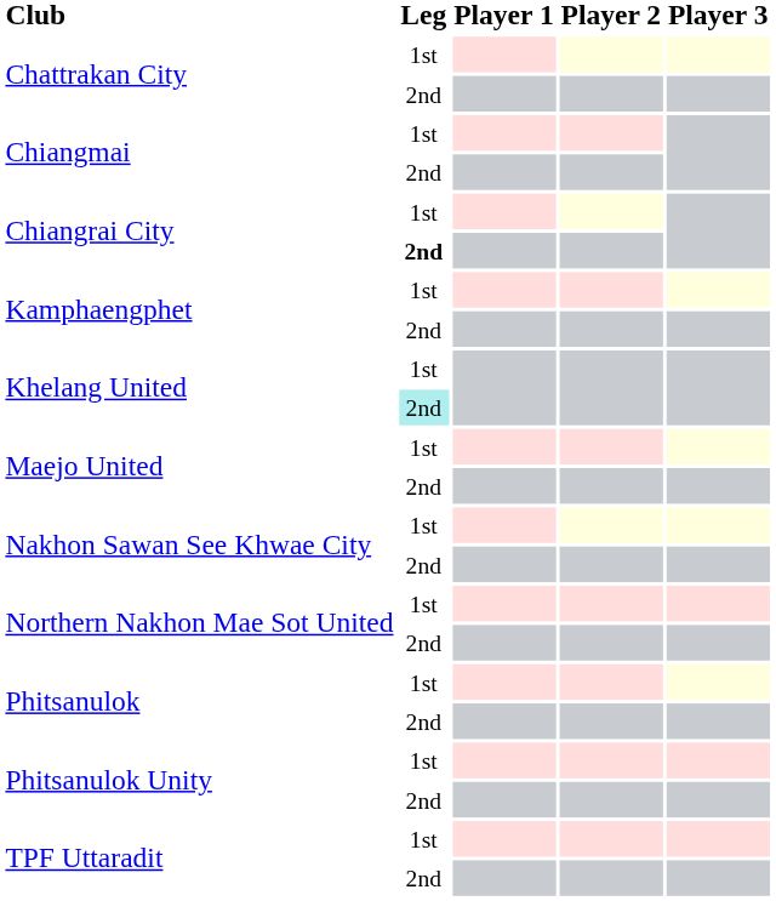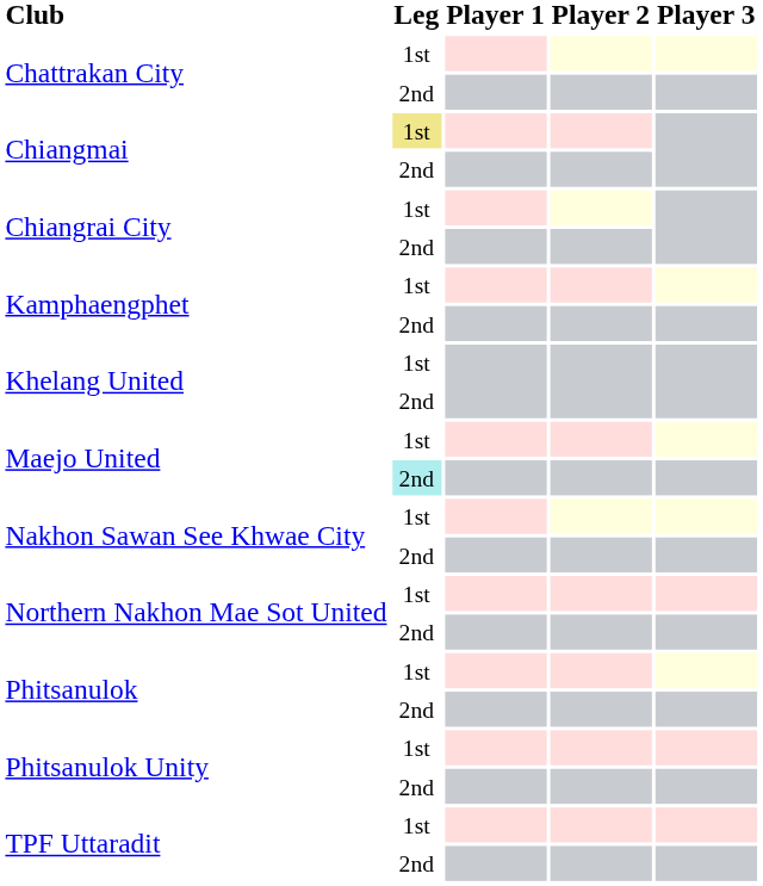 <table class="sortable" style="text-align:left">
 <tr>
 <th>Club</th>
 <th>Leg</th>
 <th>Player 1</th>
 <th>Player 2</th>
 <th>Player 3</th>
 </tr>
 <tr>
 <td rowspan="2"><a href='#'>Chattrakan City</a></td>
 <td align="center"><small>1st</small></td>
 <td bgcolor="#ffdddd"></td>
 <td bgcolor="#ffffdd"></td>
 <td bgcolor="#ffffdd"></td>
 </tr>
 <tr>
 <td align="center"><small>2nd</small></td>
 <td bgcolor="#c8ccd1"></td>
 <td bgcolor="#c8ccd1"></td>
 <td bgcolor="#c8ccd1"></td>
 </tr>
 <tr>
 <td rowspan="2"><a href='#'>Chiangmai</a></td>
-<td align="center"><small>1st</small></td>
+<td align="center" style="background: khaki;"><small>1st</small></td>
 <td bgcolor="#ffdddd"></td>
 <td bgcolor="#ffdddd"></td>
 <td bgcolor="#c8ccd1"rowspan="2"></td>
 </tr>
 <tr>
 <td align="center"><small>2nd</small></td>
 <td bgcolor="#c8ccd1"></td>
 <td bgcolor="#c8ccd1"></td>
 </tr>
 <tr>
 <td rowspan="2"><a href='#'>Chiangrai City</a></td>
 <td align="center"><small>1st</small></td>
 <td bgcolor="#ffdddd"></td>
 <td bgcolor="#ffffdd"></td>
 <td bgcolor="#c8ccd1"rowspan="2"></td>
 </tr>
 <tr>
-<td align="center"><strong><small>2nd</small></strong></td>
+<td align="center"><small>2nd</small></td>
 <td bgcolor="#c8ccd1"></td>
 <td bgcolor="#c8ccd1"></td>
 </tr>
 <tr>
 <td rowspan="2"><a href='#'>Kamphaengphet</a></td>
 <td align="center"><small>1st</small></td>
 <td bgcolor="#ffdddd"></td>
 <td bgcolor="#ffdddd"></td>
 <td bgcolor="#ffffdd"></td>
 </tr>
 <tr>
 <td align="center"><small>2nd</small></td>
 <td bgcolor="#c8ccd1"></td>
 <td bgcolor="#c8ccd1"></td>
 <td bgcolor="#c8ccd1"></td>
 </tr>
 <tr>
 <td rowspan="2"><a href='#'>Khelang United</a></td>
 <td align="center"><small>1st</small></td>
 <td bgcolor="#c8ccd1"rowspan="2"></td>
 <td bgcolor="#c8ccd1"rowspan="2"></td>
 <td bgcolor="#c8ccd1"rowspan="2"></td>
 </tr>
 <tr>
-<td align="center" style="background: paleturquoise;"><small>2nd</small></td>
+<td align="center"><small>2nd</small></td>
 </tr>
 <tr>
 <td rowspan="2"><a href='#'>Maejo United</a></td>
 <td align="center"><small>1st</small></td>
 <td bgcolor="#ffdddd"></td>
 <td bgcolor="#ffdddd"></td>
 <td bgcolor="#ffffdd"></td>
 </tr>
 <tr>
-<td align="center"><small>2nd</small></td>
+<td align="center" style="background: paleturquoise;"><small>2nd</small></td>
 <td bgcolor="#c8ccd1"></td>
 <td bgcolor="#c8ccd1"></td>
 <td bgcolor="#c8ccd1"></td>
 </tr>
 <tr>
 <td rowspan="2"><a href='#'>Nakhon Sawan See Khwae City</a></td>
 <td align="center"><small>1st</small></td>
 <td bgcolor="#ffdddd"></td>
 <td bgcolor="#ffffdd"></td>
 <td bgcolor="#ffffdd"></td>
 </tr>
 <tr>
 <td align="center"><small>2nd</small></td>
 <td bgcolor="#c8ccd1"></td>
 <td bgcolor="#c8ccd1"></td>
 <td bgcolor="#c8ccd1"></td>
 </tr>
 <tr>
 <td rowspan="2"><a href='#'>Northern Nakhon Mae Sot United</a></td>
 <td align="center"><small>1st</small></td>
 <td bgcolor="#ffdddd"></td>
 <td bgcolor="#ffdddd"></td>
 <td bgcolor="#ffdddd"></td>
 </tr>
 <tr>
 <td align="center"><small>2nd</small></td>
 <td bgcolor="#c8ccd1"></td>
 <td bgcolor="#c8ccd1"></td>
 <td bgcolor="#c8ccd1"></td>
 </tr>
 <tr>
 <td rowspan="2"><a href='#'>Phitsanulok</a></td>
 <td align="center"><small>1st</small></td>
 <td bgcolor="#ffdddd"></td>
 <td bgcolor="#ffdddd"></td>
 <td bgcolor="#ffffdd"></td>
 </tr>
 <tr>
 <td align="center"><small>2nd</small></td>
 <td bgcolor="#c8ccd1"></td>
 <td bgcolor="#c8ccd1"></td>
 <td bgcolor="#c8ccd1"></td>
 </tr>
 <tr>
 <td rowspan="2"><a href='#'>Phitsanulok Unity</a></td>
 <td align="center"><small>1st</small></td>
 <td bgcolor="#ffdddd"></td>
 <td bgcolor="#ffdddd"></td>
 <td bgcolor="#ffdddd"></td>
 </tr>
 <tr>
 <td align="center"><small>2nd</small></td>
 <td bgcolor="#c8ccd1"></td>
 <td bgcolor="#c8ccd1"></td>
 <td bgcolor="#c8ccd1"></td>
 </tr>
 <tr>
 <td rowspan="2"><a href='#'>TPF Uttaradit</a></td>
 <td align="center"><small>1st</small></td>
 <td bgcolor="#ffdddd"></td>
 <td bgcolor="#ffdddd"></td>
 <td bgcolor="#ffdddd"></td>
 </tr>
 <tr>
 <td align="center"><small>2nd</small></td>
 <td bgcolor="#c8ccd1"></td>
 <td bgcolor="#c8ccd1"></td>
 <td bgcolor="#c8ccd1"></td>
 </tr>
 </table>
